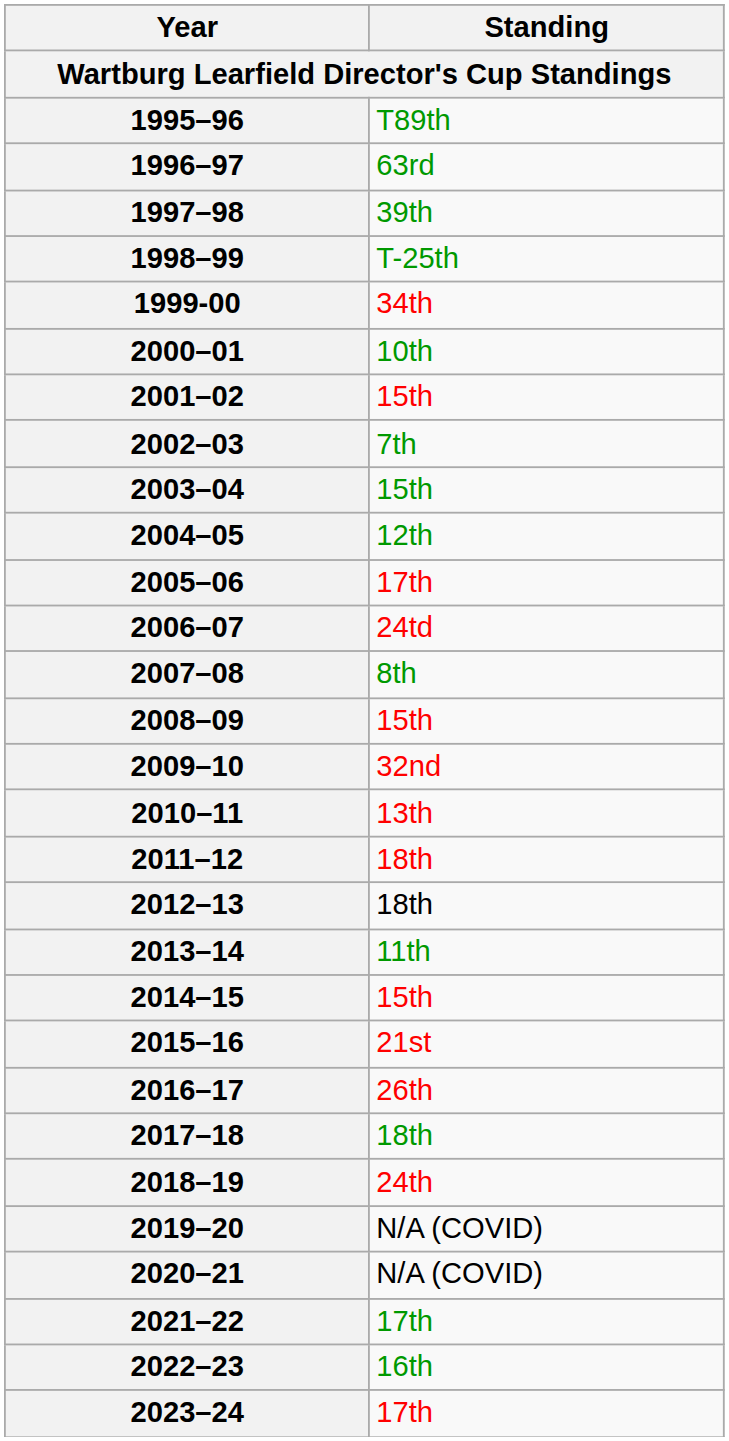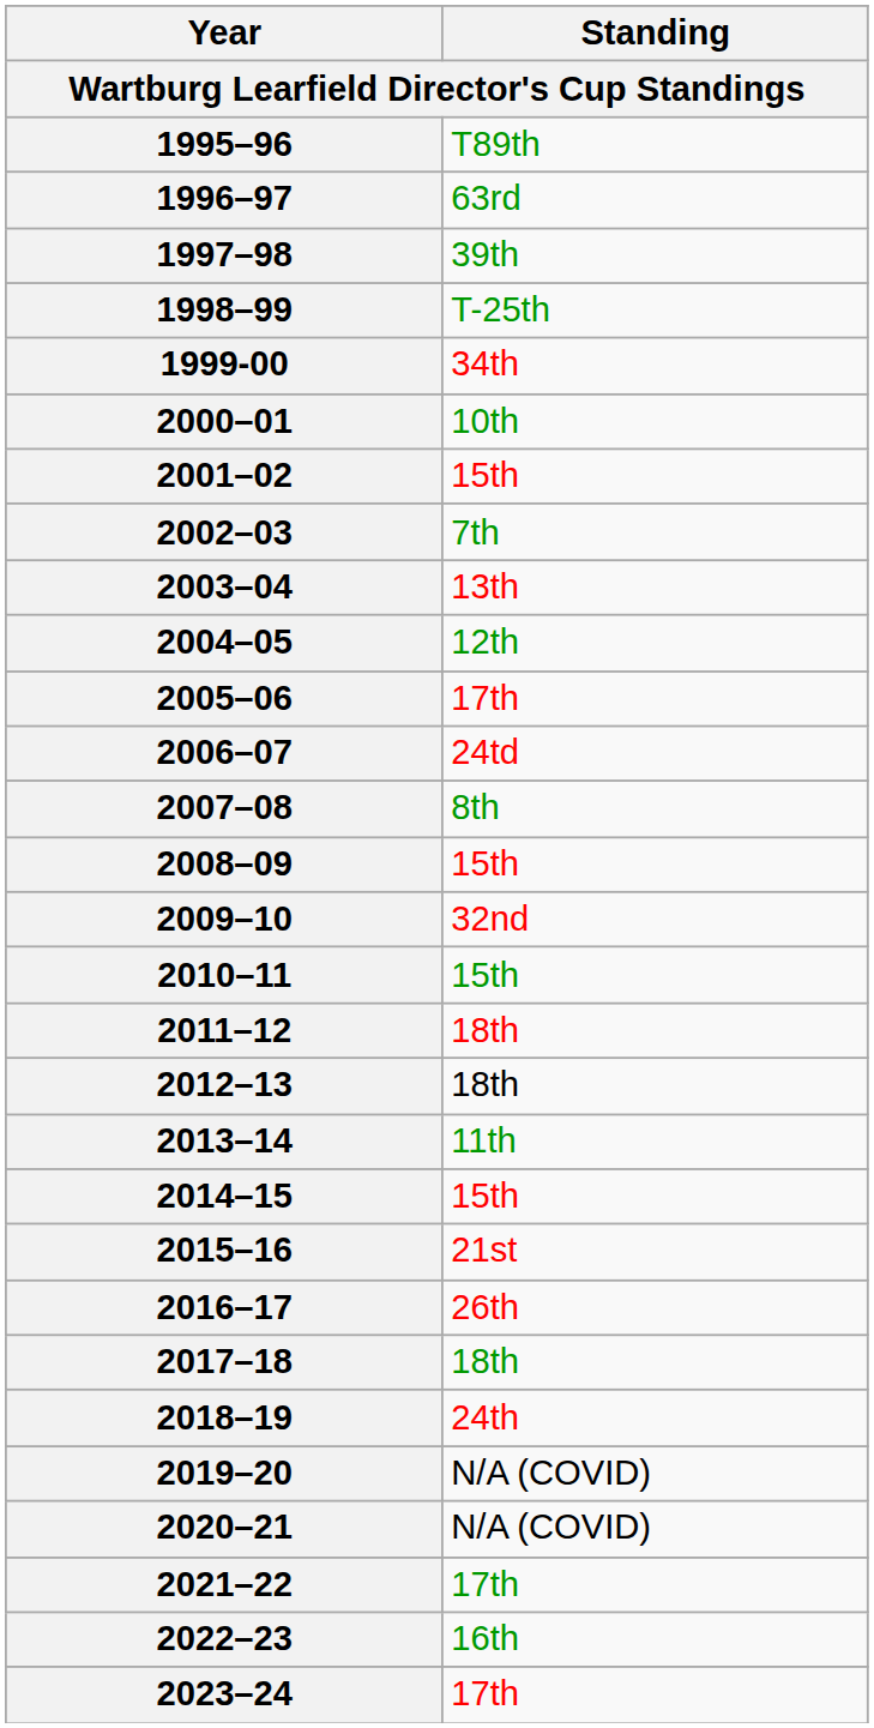 <table class="wikitable" style="width:25%">
 <tr>
 <th style="width:5%">Year</th>
 <th style="width:4%">Standing</th>
 </tr>
 <tr>
 <th colspan=3>Wartburg Learfield Director's Cup Standings</th>
 </tr>
 <tr>
 <th>1995–96</th>
 <td style="color:#090;">T89th</td>
 </tr>
 <tr>
 <th>1996–97</th>
 <td style="color:#090;">63rd</td>
 </tr>
 <tr>
 <th>1997–98</th>
 <td style="color:#090;">39th</td>
 </tr>
 <tr>
 <th>1998–99</th>
 <td an="1" style="color:#090;">T-25th</td>
 </tr>
 <tr>
 <th>1999-00</th>
 <td an="1" style="color:#f00;">34th</td>
 </tr>
 <tr>
 <th>2000–01</th>
 <td an="1" style="color:#090;">10th</td>
 </tr>
 <tr>
 <th>2001–02</th>
 <td an="1" style="color:#f00;">15th</td>
 </tr>
 <tr>
 <th>2002–03</th>
 <td an="1" style="color:#090;">7th</td>
 </tr>
 <tr>
 <th>2003–04</th>
-<td an="1" style="color:#090;">15th</td>
+<td an="1" style="color:#f00;">13th</td>
 </tr>
 <tr>
 <th>2004–05</th>
 <td an="1" style="color:#090;">12th</td>
 </tr>
 <tr>
 <th>2005–06</th>
 <td an="1" style="color:#f00;">17th</td>
 </tr>
 <tr>
 <th>2006–07</th>
 <td an="1" style="color:#f00;">24td</td>
 </tr>
 <tr>
 <th>2007–08</th>
 <td an="1" style="color:#090;">8th</td>
 </tr>
 <tr>
 <th>2008–09</th>
 <td an="1" style="color:#f00;">15th</td>
 </tr>
 <tr>
 <th>2009–10</th>
 <td an="1" style="color:#f00;">32nd</td>
 </tr>
 <tr>
 <th>2010–11</th>
-<td an="1" style="color:#f00;">13th</td>
+<td an="1" style="color:#090;">15th</td>
 </tr>
 <tr>
 <th>2011–12</th>
 <td an="1" style="color:#f00;">18th</td>
 </tr>
 <tr>
 <th>2012–13</th>
 <td>18th</td>
 </tr>
 <tr>
 <th>2013–14</th>
 <td an="1" style="color:#090;">11th</td>
 </tr>
 <tr>
 <th>2014–15</th>
 <td an="1" style="color:#f00;">15th</td>
 </tr>
 <tr>
 <th>2015–16</th>
 <td an="1" style="color:#f00;">21st</td>
 </tr>
 <tr>
 <th>2016–17</th>
 <td an="1" style="color:#f00;">26th</td>
 </tr>
 <tr>
 <th>2017–18</th>
 <td an="1" style="color:#090;">18th</td>
 </tr>
 <tr>
 <th>2018–19</th>
 <td an="1" style="color:#f00;">24th</td>
 </tr>
 <tr>
 <th>2019–20</th>
 <td an="1" style=>N/A (COVID)</td>
 </tr>
 <tr>
 <th>2020–21</th>
 <td an="1" style=>N/A (COVID)</td>
 </tr>
 <tr>
 <th>2021–22</th>
 <td an="1" style="color:#090;">17th</td>
 </tr>
 <tr>
 <th>2022–23</th>
 <td an="1" style="color:#090;">16th</td>
 </tr>
 <tr>
 <th>2023–24</th>
 <td an="1" style="color:#f00;">17th</td>
 </tr>
 </table>
